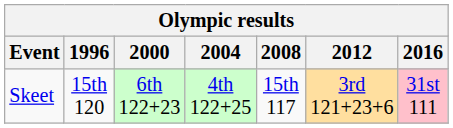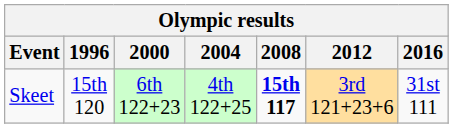 <table class="wikitable" style="text-align: center">
 <tr>
 <th colspan=7>Olympic results</th>
 </tr>
 <tr>
 <th>Event</th>
 <th>1996</th>
 <th>2000</th>
 <th>2004</th>
 <th>2008</th>
 <th>2012</th>
 <th>2016</th>
 </tr>
 <tr>
 <td style="text-align: left"><a href='#'>Skeet</a></td>
 <td><a href='#'>15th</a><br>120</td>
 <td style="background:#cfc;"><a href='#'>6th</a><br>122+23</td>
 <td style="background:#cfc;"><a href='#'>4th</a><br>122+25</td>
-<td><a href='#'>15th</a><br>117</td>
+<td><strong><a href='#'>15th</a><br>117</strong></td>
 <td style="background: #FFDF9F"><a href='#'>3rd</a><br>121+23+6</td>
-<td style="background: pink;"><a href='#'>31st</a><br>111</td>
+<td><a href='#'>31st</a><br>111</td>
 </tr>
 </table>
